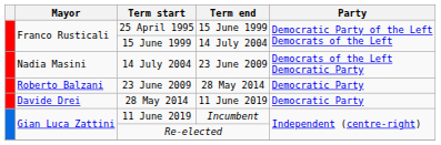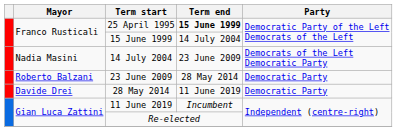 <table class="wikitable">
 <tr>
 <th class=unsortable> </th>
 <th>Mayor</th>
 <th>Term start</th>
 <th>Term end</th>
 <th>Party</th>
 </tr>
 <tr>
 <th rowspan=2 style="background:#FF0000;"></th>
 <td rowspan=2>Franco Rusticali</td>
 <td align=center>25 April 1995</td>
-<td align=center>15 June 1999</td>
+<td align=center><strong>15 June 1999</strong></td>
 <td rowspan=2><a href='#'>Democratic Party of the Left</a><br><a href='#'>Democrats of the Left</a></td>
 </tr>
 <tr>
 <td align=center>15 June 1999</td>
 <td align=center>14 July 2004</td>
 </tr>
 <tr>
 <th style="background:#FF0000;"></th>
 <td>Nadia Masini</td>
 <td align=center>14 July 2004</td>
 <td align=center>23 June 2009</td>
 <td><a href='#'>Democrats of the Left</a><br><a href='#'>Democratic Party</a></td>
 </tr>
 <tr>
 <th style="background:#FF0000;"></th>
 <td><a href='#'>Roberto Balzani</a></td>
 <td align=center>23 June 2009</td>
 <td align=center>28 May 2014</td>
 <td><a href='#'>Democratic Party</a></td>
 </tr>
 <tr>
 <th style="background:#FF0000;"></th>
 <td><a href='#'>Davide Drei</a></td>
 <td align=center>28 May 2014</td>
 <td align=center>11 June 2019</td>
 <td><a href='#'>Democratic Party</a></td>
 </tr>
 <tr>
 <th rowspan=2 style="background:#0A6BE1;"></th>
 <td rowspan=2><a href='#'>Gian Luca Zattini</a></td>
 <td align=center>11 June 2019</td>
 <td align=center><em>Incumbent</em></td>
 <td rowspan=2><a href='#'>Independent</a> (<a href='#'>centre-right</a>)</td>
 </tr>
 <tr>
 <td colspan=2 align=center><em>Re-elected</em></td>
 </tr>
 <tr>
 </tr>
 </table>
